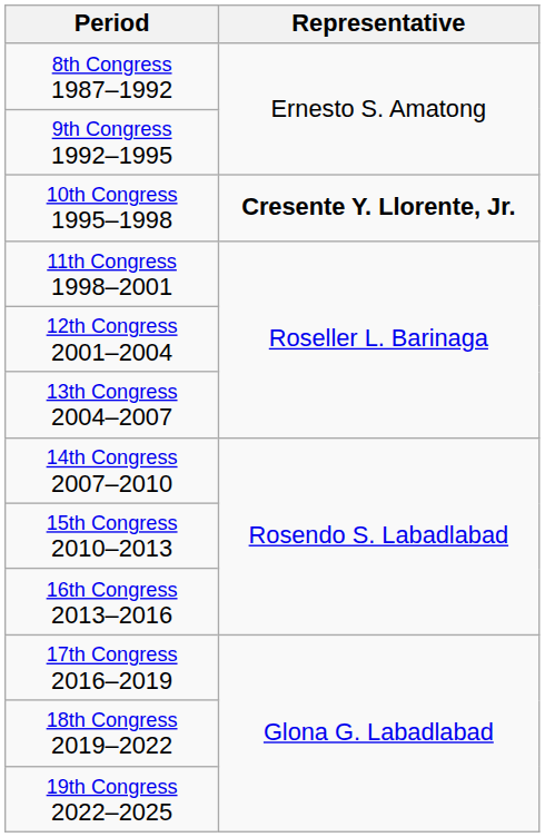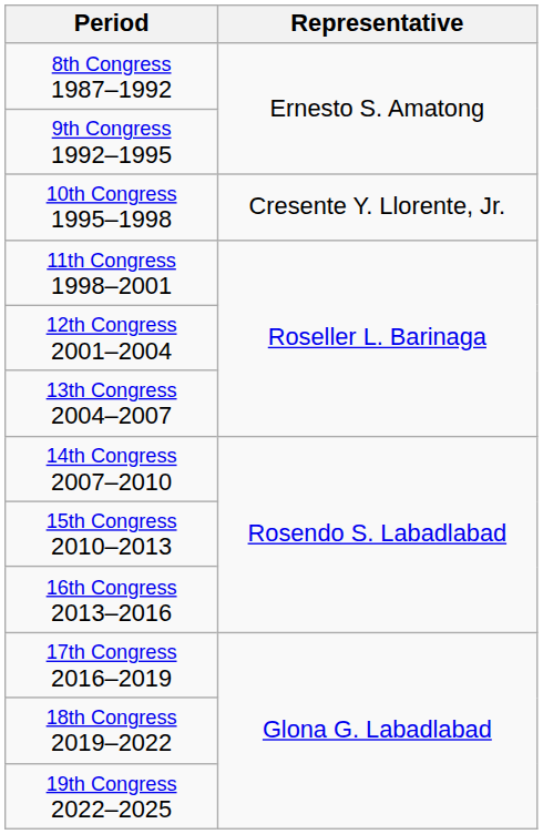 <table class="wikitable" style="text-align:center; width:40%;">
 <tr>
 <th width="40%">Period</th>
 <th>Representative</th>
 </tr>
 <tr>
 <td><small><a href='#'>8th Congress</a></small><br>1987–1992</td>
 <td rowspan="2">Ernesto S. Amatong</td>
 </tr>
 <tr>
 <td><small><a href='#'>9th Congress</a></small><br>1992–1995</td>
 </tr>
 <tr>
 <td><small><a href='#'>10th Congress</a></small><br>1995–1998</td>
-<td><strong>Cresente Y. Llorente, Jr.</strong></td>
+<td>Cresente Y. Llorente, Jr.</td>
 </tr>
 <tr>
 <td><small><a href='#'>11th Congress</a></small><br>1998–2001</td>
 <td rowspan="3"><a href='#'>Roseller L. Barinaga</a></td>
 </tr>
 <tr>
 <td><small><a href='#'>12th Congress</a></small><br>2001–2004</td>
 </tr>
 <tr>
 <td><small><a href='#'>13th Congress</a></small><br>2004–2007</td>
 </tr>
 <tr>
 <td><small><a href='#'>14th Congress</a></small><br>2007–2010</td>
 <td rowspan="3"><a href='#'>Rosendo S. Labadlabad</a></td>
 </tr>
 <tr>
 <td><small><a href='#'>15th Congress</a></small><br>2010–2013</td>
 </tr>
 <tr>
 <td><small><a href='#'>16th Congress</a></small><br>2013–2016</td>
 </tr>
 <tr>
 <td><small><a href='#'>17th Congress</a></small><br>2016–2019</td>
 <td rowspan="3"><a href='#'>Glona G. Labadlabad</a></td>
 </tr>
 <tr>
 <td><small><a href='#'>18th Congress</a></small><br>2019–2022</td>
 </tr>
 <tr>
 <td><small><a href='#'>19th Congress</a></small><br>2022–2025</td>
 </tr>
 </table>
